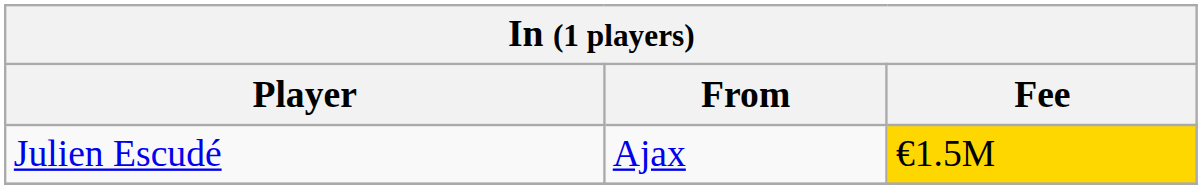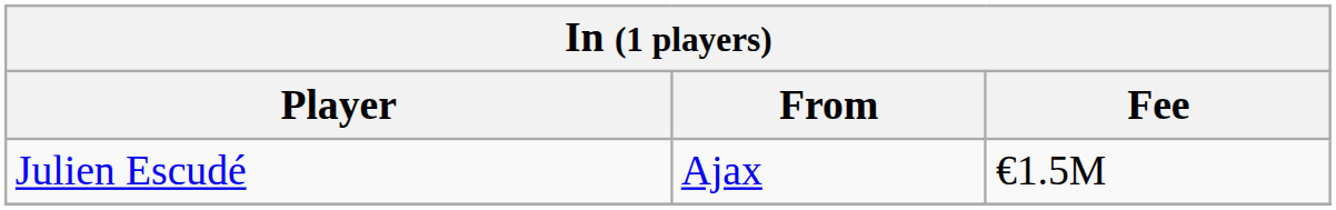 <table class="wikitable collapsible collapsed">
 <tr>
 <th colspan="3" width="500"> <strong>In</strong> <small>(1 players)</small></th>
 </tr>
 <tr>
 <th>Player</th>
 <th>From</th>
 <th>Fee</th>
 </tr>
 <tr>
 <td> <a href='#'>Julien Escudé</a></td>
 <td> <a href='#'>Ajax</a></td>
-<td style="background: gold;">€1.5M</td>
+<td>€1.5M</td>
 </tr>
 <tr>
 </tr>
 </table>
